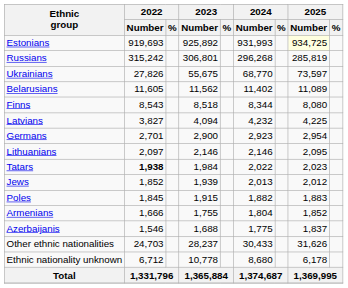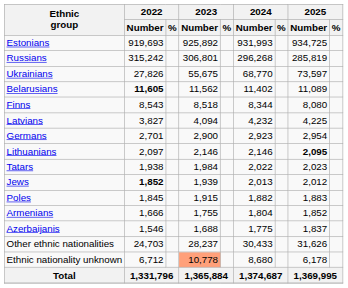 <table class="wikitable sortable" style="text-align: right;">
 <tr bgcolor="#e0e0e0">
 <th rowspan="2">Ethnic<br>group</th>
 <th colspan=2>2022</th>
 <th colspan=2>2023</th>
 <th colspan=2>2024</th>
 <th colspan="2">2025</th>
 </tr>
 <tr bgcolor="#e0e0e0">
 <th>Number</th>
 <th>%</th>
 <th>Number</th>
 <th>%</th>
 <th>Number</th>
 <th>%</th>
 <th>Number</th>
 <th>%</th>
 </tr>
 <tr>
 <td align=left><a href='#'>Estonians</a></td>
 <td>919,693</td>
 <td></td>
 <td>925,892</td>
 <td></td>
 <td>931,993</td>
 <td></td>
-<td style="background: lightyellow;">934,725</td>
+<td>934,725</td>
 <td></td>
 </tr>
 <tr>
 <td align=left><a href='#'>Russians</a></td>
 <td>315,242</td>
 <td></td>
 <td>306,801</td>
 <td></td>
 <td>296,268</td>
 <td></td>
 <td>285,819</td>
 <td></td>
 </tr>
 <tr>
 <td align=left><a href='#'>Ukrainians</a></td>
 <td>27,826</td>
 <td></td>
 <td>55,675</td>
 <td></td>
 <td>68,770</td>
 <td></td>
 <td>73,597</td>
 <td></td>
 </tr>
 <tr>
 <td align=left><a href='#'>Belarusians</a></td>
-<td>11,605</td>
+<td><strong>11,605</strong></td>
 <td></td>
 <td>11,562</td>
 <td></td>
 <td>11,402</td>
 <td></td>
 <td>11,089</td>
 <td></td>
 </tr>
 <tr>
 <td align=left><a href='#'>Finns</a></td>
 <td>8,543</td>
 <td></td>
 <td>8,518</td>
 <td></td>
 <td>8,344</td>
 <td></td>
 <td>8,080</td>
 <td></td>
 </tr>
 <tr>
 <td align=left><a href='#'>Latvians</a></td>
 <td>3,827</td>
 <td></td>
 <td>4,094</td>
 <td></td>
 <td>4,232</td>
 <td></td>
 <td>4,225</td>
 <td></td>
 </tr>
 <tr>
 <td align=left><a href='#'>Germans</a></td>
 <td>2,701</td>
 <td></td>
 <td>2,900</td>
 <td></td>
 <td>2,923</td>
 <td></td>
 <td>2,954</td>
 <td></td>
 </tr>
 <tr>
 <td align=left><a href='#'>Lithuanians</a></td>
 <td>2,097</td>
 <td></td>
 <td>2,146</td>
 <td></td>
 <td>2,146</td>
 <td></td>
-<td>2,095</td>
+<td><strong>2,095</strong></td>
 <td></td>
 </tr>
 <tr>
 <td align=left><a href='#'>Tatars</a></td>
-<td><strong>1,938</strong></td>
+<td>1,938</td>
 <td></td>
 <td>1,984</td>
 <td></td>
 <td>2,022</td>
 <td></td>
 <td>2,023</td>
 <td></td>
 </tr>
 <tr>
 <td align=left><a href='#'>Jews</a></td>
-<td>1,852</td>
+<td><strong>1,852</strong></td>
 <td></td>
 <td>1,939</td>
 <td></td>
 <td>2,013</td>
 <td></td>
 <td>2,012</td>
 <td></td>
 </tr>
 <tr>
 <td align=left><a href='#'>Poles</a></td>
 <td>1,845</td>
 <td></td>
 <td>1,915</td>
 <td></td>
 <td>1,882</td>
 <td></td>
 <td>1,883</td>
 <td></td>
 </tr>
 <tr>
 <td align=left><a href='#'>Armenians</a></td>
 <td>1,666</td>
 <td></td>
 <td>1,755</td>
 <td></td>
 <td>1,804</td>
 <td></td>
 <td>1,852</td>
 <td></td>
 </tr>
 <tr>
 <td align=left><a href='#'>Azerbaijanis</a></td>
 <td>1,546</td>
 <td></td>
 <td>1,688</td>
 <td></td>
 <td>1,775</td>
 <td></td>
 <td>1,837</td>
 <td></td>
 </tr>
 <tr>
 <td align=left>Other ethnic nationalities</td>
 <td>24,703</td>
 <td></td>
 <td>28,237</td>
 <td></td>
 <td>30,433</td>
 <td></td>
 <td>31,626</td>
 <td></td>
 </tr>
 <tr>
 <td align=left>Ethnic nationality unknown</td>
 <td>6,712</td>
 <td></td>
-<td>10,778</td>
+<td style="background: lightsalmon;">10,778</td>
 <td></td>
 <td>8,680</td>
 <td></td>
 <td>6,178</td>
 <td></td>
 </tr>
 <tr>
 <th align=left>Total</th>
 <th colspan=2>1,331,796</th>
 <th colspan=2>1,365,884</th>
 <th colspan=2>1,374,687</th>
 <th colspan="2">1,369,995</th>
 </tr>
 <tr>
 </tr>
 </table>
